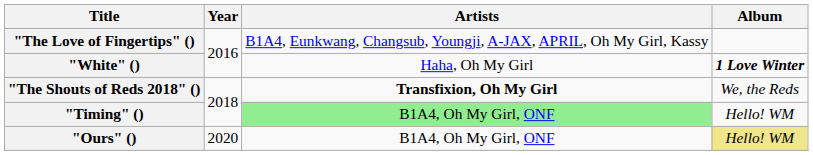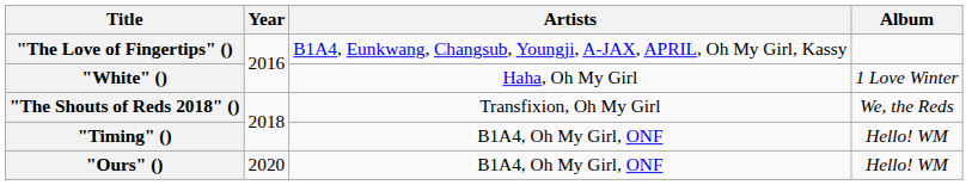 <table class="wikitable plainrowheaders" style="text-align:center">
 <tr>
 <th>Title</th>
 <th>Year</th>
 <th>Artists</th>
 <th>Album</th>
 </tr>
 <tr>
 <th scope="row">"The Love of Fingertips" ()</th>
 <td rowspan="2">2016</td>
 <td><a href='#'>B1A4</a>, <a href='#'>Eunkwang</a>, <a href='#'>Changsub</a>, <a href='#'>Youngji</a>, <a href='#'>A-JAX</a>, <a href='#'>APRIL</a>, Oh My Girl, Kassy</td>
 <td></td>
 </tr>
 <tr>
 <th scope="row">"White" ()</th>
 <td><a href='#'>Haha</a>, Oh My Girl </td>
-<td><strong><em>1 Love Winter</em></strong></td>
+<td><em>1 Love Winter</em></td>
 </tr>
 <tr>
 <th scope="row">"The Shouts of Reds 2018" ()</th>
 <td rowspan="2">2018</td>
-<td><strong>Transfixion, Oh My Girl</strong></td>
+<td>Transfixion, Oh My Girl</td>
 <td><em>We, the Reds</em></td>
 </tr>
 <tr>
 <th scope="row">"Timing" ()</th>
-<td style="background: lightgreen;">B1A4, Oh My Girl, <a href='#'>ONF</a></td>
+<td>B1A4, Oh My Girl, <a href='#'>ONF</a></td>
 <td><em>Hello! WM</em></td>
 </tr>
 <tr>
 <th scope="row">"Ours" ()</th>
 <td>2020</td>
 <td>B1A4, Oh My Girl, <a href='#'>ONF</a></td>
-<td style="background: khaki;"><em>Hello! WM</em></td>
+<td><em>Hello! WM</em></td>
 </tr>
 </table>
